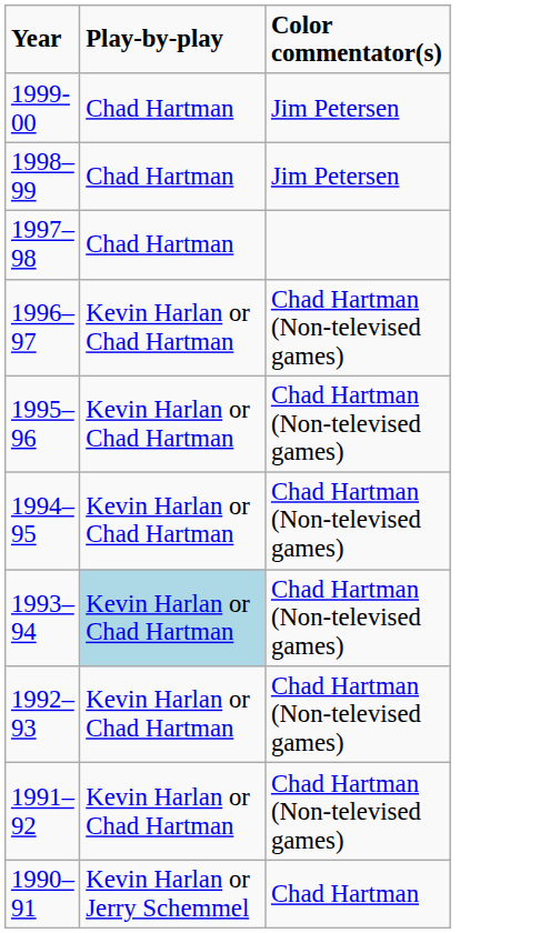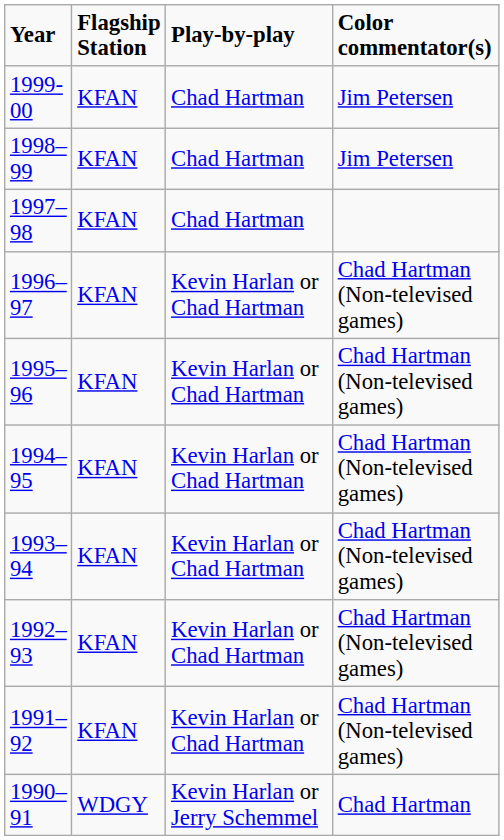 <table class="wikitable">
 <tr>
 <td style="width:40px; "><strong>Year</strong></td>
+<td style="width:40px; "><strong>Flagship Station</strong></td>
 <td style="width:110px; "><strong>Play-by-play</strong></td>
 <td style="width:110px; "><strong>Color commentator(s)</strong></td>
 </tr>
 <tr>
 <td><a href='#'>1999-00</a></td>
+<td><a href='#'>KFAN</a></td>
 <td><a href='#'>Chad Hartman</a></td>
 <td><a href='#'>Jim Petersen</a></td>
 </tr>
 <tr>
 <td><a href='#'>1998–99</a></td>
+<td><a href='#'>KFAN</a></td>
 <td><a href='#'>Chad Hartman</a></td>
 <td><a href='#'>Jim Petersen</a></td>
 </tr>
 <tr>
 <td><a href='#'>1997–98</a></td>
+<td><a href='#'>KFAN</a></td>
 <td><a href='#'>Chad Hartman</a></td>
 <td></td>
 </tr>
 <tr>
 <td><a href='#'>1996–97</a></td>
+<td><a href='#'>KFAN</a></td>
 <td><a href='#'>Kevin Harlan</a> or <a href='#'>Chad Hartman</a></td>
 <td><a href='#'>Chad Hartman</a> (Non-televised games)</td>
 </tr>
 <tr>
 <td><a href='#'>1995–96</a></td>
+<td><a href='#'>KFAN</a></td>
 <td><a href='#'>Kevin Harlan</a> or <a href='#'>Chad Hartman</a></td>
 <td><a href='#'>Chad Hartman</a> (Non-televised games)</td>
 </tr>
 <tr>
 <td><a href='#'>1994–95</a></td>
+<td><a href='#'>KFAN</a></td>
 <td><a href='#'>Kevin Harlan</a> or <a href='#'>Chad Hartman</a></td>
 <td><a href='#'>Chad Hartman</a> (Non-televised games)</td>
 </tr>
 <tr>
 <td><a href='#'>1993–94</a></td>
-<td style="background: lightblue;"><a href='#'>Kevin Harlan</a> or <a href='#'>Chad Hartman</a></td>
+<td><a href='#'>KFAN</a></td>
+<td><a href='#'>Kevin Harlan</a> or <a href='#'>Chad Hartman</a></td>
 <td><a href='#'>Chad Hartman</a> (Non-televised games)</td>
 </tr>
 <tr>
 <td><a href='#'>1992–93</a></td>
+<td><a href='#'>KFAN</a></td>
 <td><a href='#'>Kevin Harlan</a> or <a href='#'>Chad Hartman</a></td>
 <td><a href='#'>Chad Hartman</a> (Non-televised games)</td>
 </tr>
 <tr>
 <td><a href='#'>1991–92</a></td>
+<td><a href='#'>KFAN</a></td>
 <td><a href='#'>Kevin Harlan</a> or <a href='#'>Chad Hartman</a></td>
 <td><a href='#'>Chad Hartman</a> (Non-televised games)</td>
 </tr>
 <tr>
 <td><a href='#'>1990–91</a></td>
+<td><a href='#'>WDGY</a></td>
 <td><a href='#'>Kevin Harlan</a> or <a href='#'>Jerry Schemmel</a></td>
 <td><a href='#'>Chad Hartman</a></td>
 </tr>
 </table>
